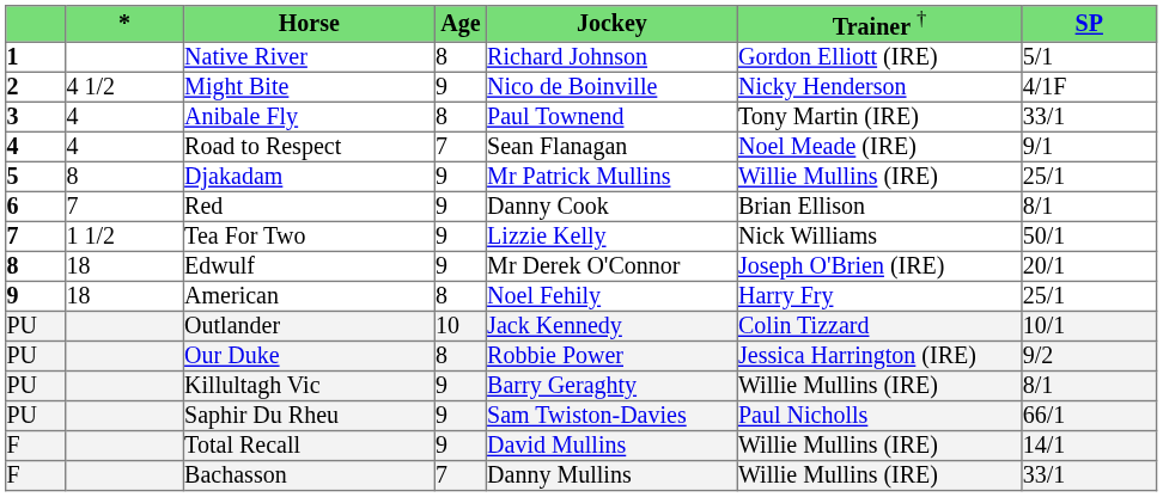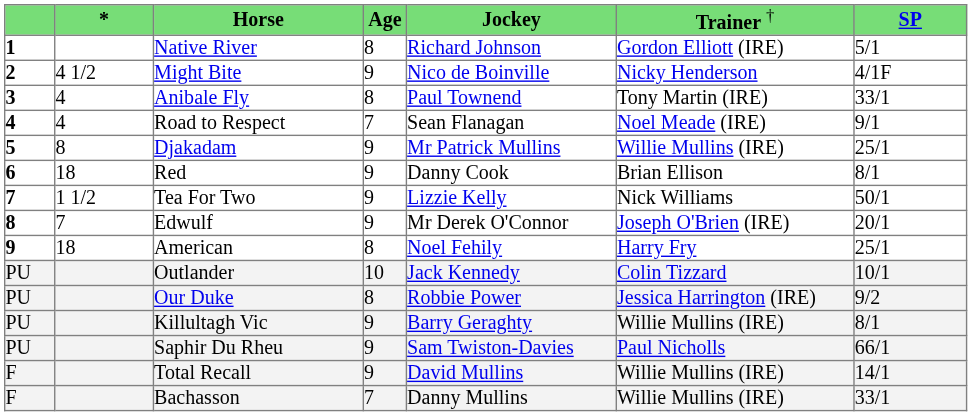 <table border="1" cellpadding="0" style="border-collapse: collapse; font-size:90%">
 <tr bgcolor="#77dd77" align="center">
 <td width="35px"></td>
 <td width="70px"><strong>*</strong></td>
 <td width="150px"><strong>Horse</strong></td>
 <td width="30px"><strong>Age</strong></td>
 <td width="150px"><strong>Jockey</strong></td>
 <td width="170px"><strong>Trainer</strong> <sup>†</sup></td>
 <td width="80px"><strong><a href='#'>SP</a></strong></td>
 </tr>
 <tr>
 <td><strong>1</strong></td>
 <td></td>
 <td><a href='#'>Native River</a></td>
 <td>8</td>
 <td><a href='#'>Richard Johnson</a></td>
 <td><a href='#'>Gordon Elliott</a> (IRE)</td>
 <td>5/1</td>
 </tr>
 <tr>
 <td><strong>2</strong></td>
 <td>4 1/2</td>
 <td><a href='#'>Might Bite</a></td>
 <td>9</td>
 <td><a href='#'>Nico de Boinville</a></td>
 <td><a href='#'>Nicky Henderson</a></td>
 <td>4/1F</td>
 </tr>
 <tr>
 <td><strong>3</strong></td>
 <td>4</td>
 <td><a href='#'>Anibale Fly</a></td>
 <td>8</td>
 <td><a href='#'>Paul Townend</a></td>
 <td>Tony Martin (IRE)</td>
 <td>33/1</td>
 </tr>
 <tr>
 <td><strong>4</strong></td>
 <td>4</td>
 <td>Road to Respect</td>
 <td>7</td>
 <td>Sean Flanagan</td>
 <td><a href='#'>Noel Meade</a> (IRE)</td>
 <td>9/1</td>
 </tr>
 <tr>
 <td><strong>5</strong></td>
 <td>8</td>
 <td><a href='#'>Djakadam</a></td>
 <td>9</td>
 <td><a href='#'>Mr Patrick Mullins</a></td>
 <td><a href='#'>Willie Mullins</a> (IRE)</td>
 <td>25/1</td>
 </tr>
 <tr>
 <td><strong>6</strong></td>
-<td>7</td>
+<td>18</td>
 <td> Red</td>
 <td>9</td>
 <td>Danny Cook</td>
 <td>Brian Ellison</td>
 <td>8/1</td>
 </tr>
 <tr>
 <td><strong>7</strong></td>
 <td>1 1/2</td>
 <td>Tea For Two</td>
 <td>9</td>
 <td><a href='#'>Lizzie Kelly</a></td>
 <td>Nick Williams</td>
 <td>50/1</td>
 </tr>
 <tr>
 <td><strong>8</strong></td>
-<td>18</td>
+<td>7</td>
 <td>Edwulf</td>
 <td>9</td>
 <td>Mr Derek O'Connor</td>
 <td><a href='#'>Joseph O'Brien</a> (IRE)</td>
 <td>20/1</td>
 </tr>
 <tr>
 <td><strong>9</strong></td>
 <td>18</td>
 <td>American</td>
 <td>8</td>
 <td><a href='#'>Noel Fehily</a></td>
 <td><a href='#'>Harry Fry</a></td>
 <td>25/1</td>
 </tr>
 <tr bgcolor="#f3f3f3">
 <td>PU</td>
 <td></td>
 <td>Outlander</td>
 <td>10</td>
 <td><a href='#'>Jack Kennedy</a></td>
 <td><a href='#'>Colin Tizzard</a></td>
 <td>10/1</td>
 </tr>
 <tr bgcolor="#f3f3f3">
 <td>PU</td>
 <td></td>
 <td><a href='#'>Our Duke</a></td>
 <td>8</td>
 <td><a href='#'>Robbie Power</a></td>
 <td><a href='#'>Jessica Harrington</a> (IRE)</td>
 <td>9/2</td>
 </tr>
 <tr bgcolor="#f3f3f3">
 <td>PU</td>
 <td></td>
 <td>Killultagh Vic</td>
 <td>9</td>
 <td><a href='#'>Barry Geraghty</a></td>
 <td>Willie Mullins (IRE)</td>
 <td>8/1</td>
 </tr>
 <tr bgcolor="#f3f3f3">
 <td>PU</td>
 <td></td>
 <td>Saphir Du Rheu</td>
 <td>9</td>
 <td><a href='#'>Sam Twiston-Davies</a></td>
 <td><a href='#'>Paul Nicholls</a></td>
 <td>66/1</td>
 </tr>
 <tr bgcolor="#f3f3f3">
 <td>F</td>
 <td></td>
 <td>Total Recall</td>
 <td>9</td>
 <td><a href='#'>David Mullins</a></td>
 <td>Willie Mullins (IRE)</td>
 <td>14/1</td>
 </tr>
 <tr bgcolor="#f3f3f3">
 <td>F</td>
 <td></td>
 <td>Bachasson</td>
 <td>7</td>
 <td>Danny Mullins</td>
 <td>Willie Mullins (IRE)</td>
 <td>33/1</td>
 </tr>
 </table>
